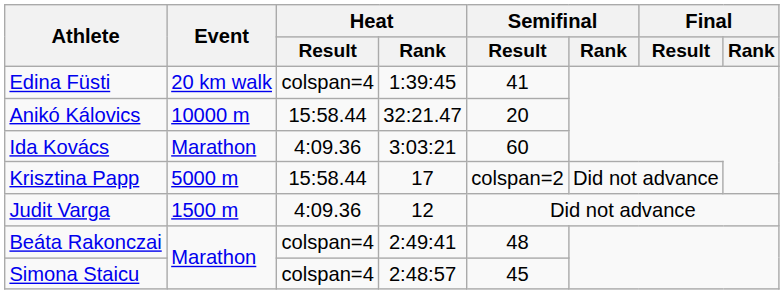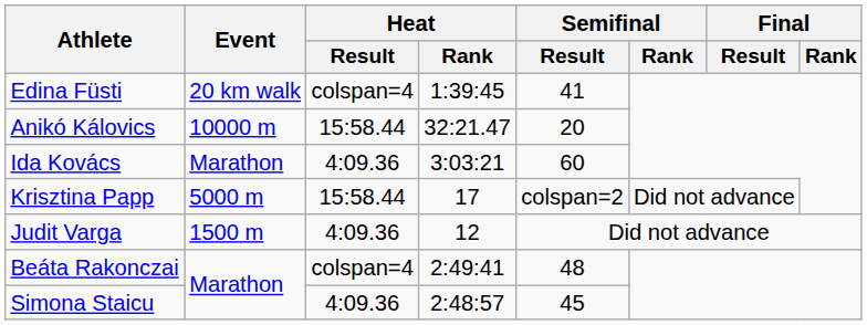 <table class=wikitable style="font-size:90%">
 <tr>
 <th rowspan="2">Athlete</th>
 <th rowspan="2">Event</th>
 <th colspan="2">Heat</th>
 <th colspan="2">Semifinal</th>
 <th colspan="2">Final</th>
 </tr>
 <tr style="font-size:95%">
 <th>Result</th>
 <th>Rank</th>
 <th>Result</th>
 <th>Rank</th>
 <th>Result</th>
 <th>Rank</th>
 </tr>
 <tr align=center>
 <td align=left><a href='#'>Edina Füsti</a></td>
 <td align=left><a href='#'>20 km walk</a></td>
 <td>colspan=4 </td>
 <td>1:39:45</td>
 <td>41</td>
 </tr>
 <tr align=center>
 <td align=left><a href='#'>Anikó Kálovics</a></td>
 <td align=left><a href='#'>10000 m</a></td>
 <td>15:58.44</td>
 <td>32:21.47</td>
 <td>20</td>
 </tr>
 <tr align=center>
 <td align=left><a href='#'>Ida Kovács</a></td>
 <td align=left><a href='#'>Marathon</a></td>
 <td>4:09.36</td>
 <td>3:03:21</td>
 <td>60</td>
 </tr>
 <tr align=center>
 <td align=left><a href='#'>Krisztina Papp</a></td>
 <td align=left><a href='#'>5000 m</a></td>
 <td>15:58.44</td>
 <td>17</td>
 <td>colspan=2 </td>
 <td colspan=2>Did not advance</td>
 </tr>
 <tr align=center>
 <td align=left><a href='#'>Judit Varga</a></td>
 <td align=left><a href='#'>1500 m</a></td>
 <td>4:09.36</td>
 <td>12</td>
 <td colspan=4>Did not advance</td>
 </tr>
 <tr align=center>
 <td align=left><a href='#'>Beáta Rakonczai</a></td>
 <td align=left rowspan=2><a href='#'>Marathon</a></td>
 <td>colspan=4 </td>
 <td>2:49:41</td>
 <td>48</td>
 </tr>
 <tr align=center>
 <td align=left><a href='#'>Simona Staicu</a></td>
-<td>colspan=4 </td>
+<td>4:09.36</td>
 <td>2:48:57</td>
 <td>45</td>
 </tr>
 </table>
